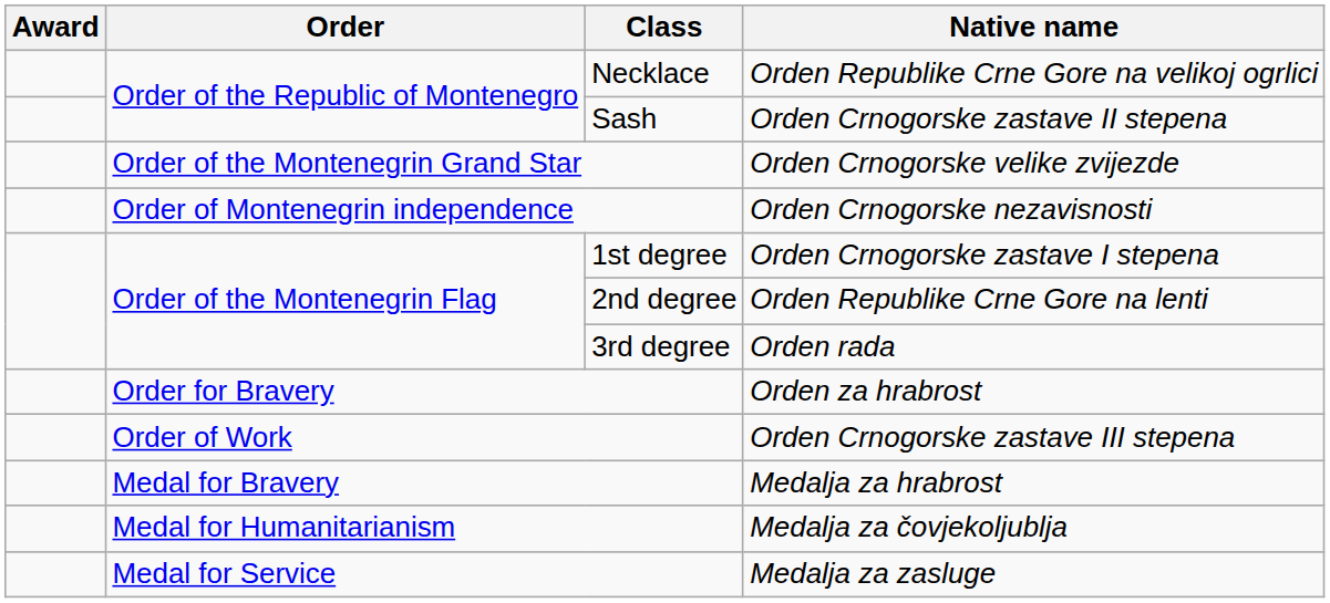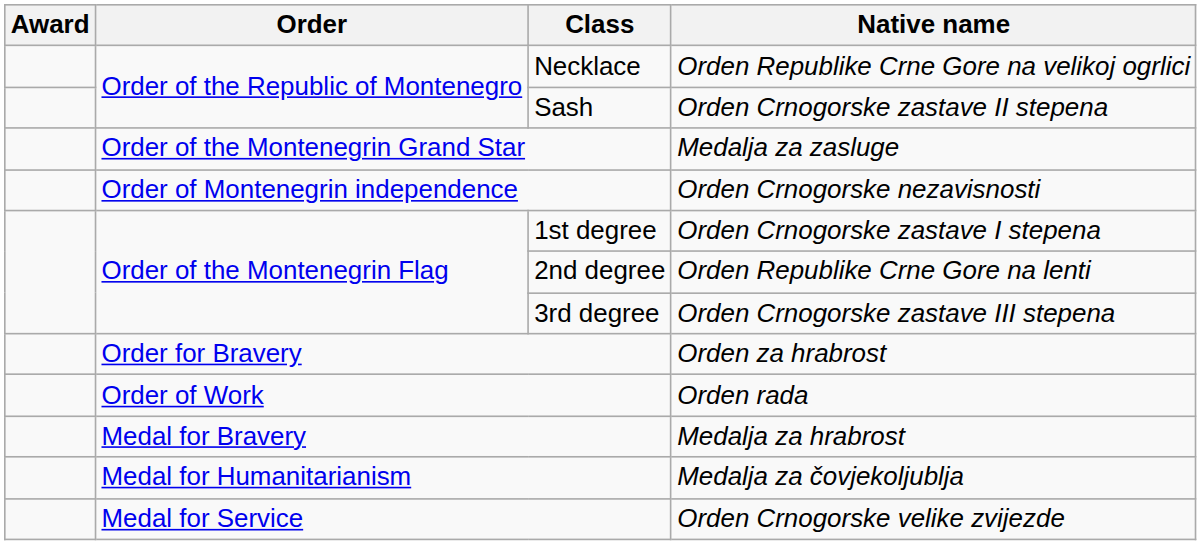 <table class="wikitable">
 <tr>
 <th>Award</th>
 <th>Order</th>
 <th>Class</th>
 <th>Native name</th>
 </tr>
 <tr>
 <td></td>
 <td rowspan="2"><a href='#'>Order of the Republic of Montenegro</a></td>
 <td>Necklace</td>
 <td><em>Orden Republike Crne Gore na velikoj ogrlici</em></td>
 </tr>
 <tr>
 <td></td>
 <td>Sash</td>
 <td><em>Orden Crnogorske zastave II stepena</em></td>
 </tr>
 <tr>
 <td></td>
 <td colspan="2"><a href='#'>Order of the Montenegrin Grand Star</a></td>
-<td><em>Orden Crnogorske velike zvijezde</em></td>
+<td><em>Medalja za zasluge</em></td>
 </tr>
 <tr>
 <td></td>
 <td colspan="2"><a href='#'>Order of Montenegrin independence</a></td>
 <td><em>Orden Crnogorske nezavisnosti</em></td>
 </tr>
 <tr>
 <td rowspan="3"></td>
 <td rowspan="3"><a href='#'>Order of the Montenegrin Flag</a></td>
 <td>1st degree</td>
 <td><em>Orden Crnogorske zastave I stepena</em></td>
 </tr>
 <tr>
 <td>2nd degree</td>
 <td><em>Orden Republike Crne Gore na lenti</em></td>
 </tr>
 <tr>
 <td>3rd degree</td>
-<td><em>Orden rada</em></td>
+<td><em>Orden Crnogorske zastave III stepena</em></td>
 </tr>
 <tr>
 <td></td>
 <td colspan="2"><a href='#'>Order for Bravery</a></td>
 <td><em>Orden za hrabrost</em></td>
 </tr>
 <tr>
 <td></td>
 <td colspan="2"><a href='#'>Order of Work</a></td>
-<td><em>Orden Crnogorske zastave III stepena</em></td>
+<td><em>Orden rada</em></td>
 </tr>
 <tr>
 <td></td>
 <td colspan="2"><a href='#'>Medal for Bravery</a></td>
 <td><em>Medalja za hrabrost</em></td>
 </tr>
 <tr>
 <td></td>
 <td colspan="2"><a href='#'>Medal for Humanitarianism</a></td>
 <td><em>Medalja za čovjekoljublja</em></td>
 </tr>
 <tr>
 <td></td>
 <td colspan="2"><a href='#'>Medal for Service</a></td>
-<td><em>Medalja za zasluge</em></td>
+<td><em>Orden Crnogorske velike zvijezde</em></td>
 </tr>
 </table>
